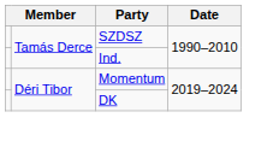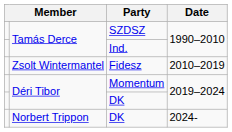 <table class=wikitable>
 <tr>
 <th colspan=2>Member</th>
 <th>Party</th>
 <th>Date</th>
 </tr>
 <tr>
 <td style="background-color:"></td>
 <td rowspan=2><a href='#'>Tamás Derce</a></td>
 <td><a href='#'>SZDSZ</a></td>
 <td rowspan=2>1990–2010</td>
 </tr>
 <tr>
 <td style="background-color:"></td>
 <td><a href='#'>Ind.</a></td>
 </tr>
 <tr>
 <td style="background-color:"></td>
+<td><a href='#'>Zsolt Wintermantel</a></td>
+<td><a href='#'>Fidesz</a></td>
+<td>2010–2019</td>
+</tr>
+<tr>
+<td style="background-color:"></td>
 <td rowspan=2><a href='#'>Déri Tibor</a></td>
 <td><a href='#'>Momentum</a></td>
 <td rowspan=2>2019–2024</td>
 </tr>
 <tr>
 <td style="background-color:"></td>
 <td><a href='#'>DK</a></td>
 </tr>
+<tr>
+<td style="background-color:"></td>
+<td><a href='#'>Norbert Trippon</a></td>
+<td><a href='#'>DK</a></td>
+<td>2024-</td>
+</tr>
 </table>
